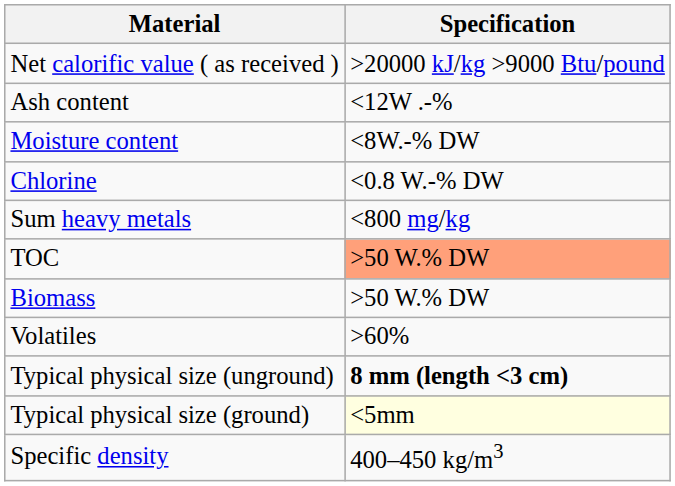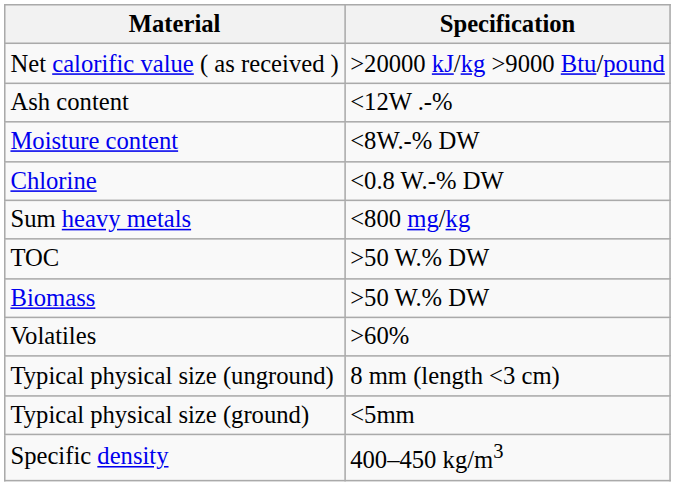 <table class="wikitable">
 <tr>
 <th>Material</th>
 <th>Specification</th>
 </tr>
 <tr>
 <td>Net <a href='#'>calorific value</a> ( as received )</td>
 <td>>20000 <a href='#'>kJ</a>/<a href='#'>kg</a> >9000 <a href='#'>Btu</a>/<a href='#'>pound</a></td>
 </tr>
 <tr>
 <td>Ash content</td>
 <td><12W .-%</td>
 </tr>
 <tr>
 <td><a href='#'>Moisture content</a></td>
 <td><8W.-% DW</td>
 </tr>
 <tr>
 <td><a href='#'>Chlorine</a></td>
 <td><0.8 W.-% DW</td>
 </tr>
 <tr>
 <td>Sum <a href='#'>heavy metals</a></td>
 <td><800 <a href='#'>mg</a>/<a href='#'>kg</a></td>
 </tr>
 <tr>
 <td>TOC</td>
-<td style="background: lightsalmon;">>50 W.% DW</td>
+<td>>50 W.% DW</td>
 </tr>
 <tr>
 <td><a href='#'>Biomass</a></td>
 <td>>50 W.% DW</td>
 </tr>
 <tr>
 <td>Volatiles</td>
 <td>>60%</td>
 </tr>
 <tr>
 <td>Typical physical size (unground)</td>
-<td><strong>8 mm (length <3 cm)</strong></td>
+<td>8 mm (length <3 cm)</td>
 </tr>
 <tr>
 <td>Typical physical size (ground)</td>
-<td style="background: lightyellow;"><5mm</td>
+<td><5mm</td>
 </tr>
 <tr>
 <td>Specific <a href='#'>density</a></td>
 <td>400–450 kg/m<sup>3</sup></td>
 </tr>
 </table>
